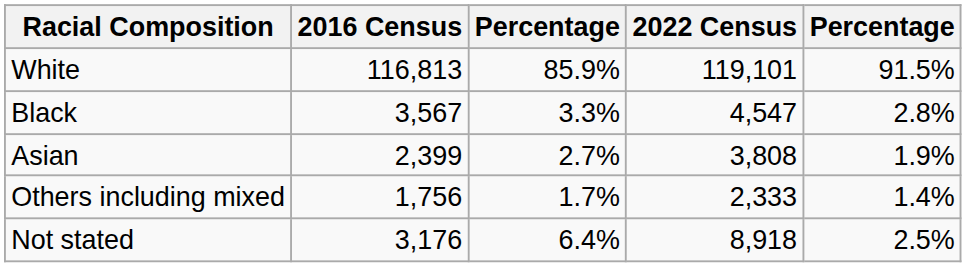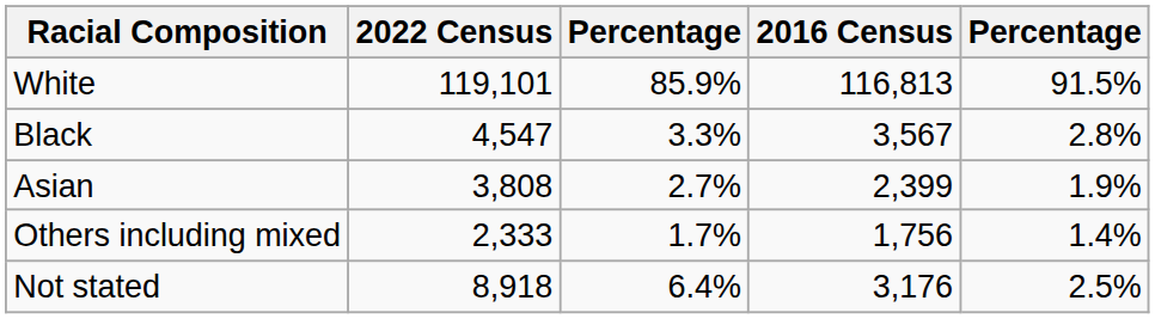 <table class="wikitable sortable collapsible nowrap" style="font-size: 90%; text-align: right; display:inline-table;">
 <tr>
 <th>Racial Composition</th>
+<th>2022 Census</th>
+<th>Percentage</th>
 <th>2016 Census</th>
-<th>Percentage</th>
-<th>2022 Census</th>
 <th>Percentage</th>
 </tr>
 <tr>
 <td style="text-align: left;">White</td>
+<td>119,101</td>
+<td>85.9%</td>
 <td>116,813</td>
-<td>85.9%</td>
-<td>119,101</td>
 <td>91.5%</td>
 </tr>
 <tr>
 <td style="text-align: left;">Black</td>
+<td>4,547</td>
+<td>3.3%</td>
 <td>3,567</td>
-<td>3.3%</td>
-<td>4,547</td>
 <td>2.8%</td>
 </tr>
 <tr>
 <td style="text-align: left;">Asian</td>
+<td>3,808</td>
+<td>2.7%</td>
 <td>2,399</td>
-<td>2.7%</td>
-<td>3,808</td>
 <td>1.9%</td>
 </tr>
 <tr>
 <td style="text-align: left;">Others including mixed</td>
+<td>2,333</td>
+<td>1.7%</td>
 <td>1,756</td>
-<td>1.7%</td>
-<td>2,333</td>
 <td>1.4%</td>
 </tr>
 <tr>
 <td style="text-align: left;">Not stated</td>
+<td>8,918</td>
+<td>6.4%</td>
 <td>3,176</td>
-<td>6.4%</td>
-<td>8,918</td>
 <td>2.5%</td>
 </tr>
 </table>
